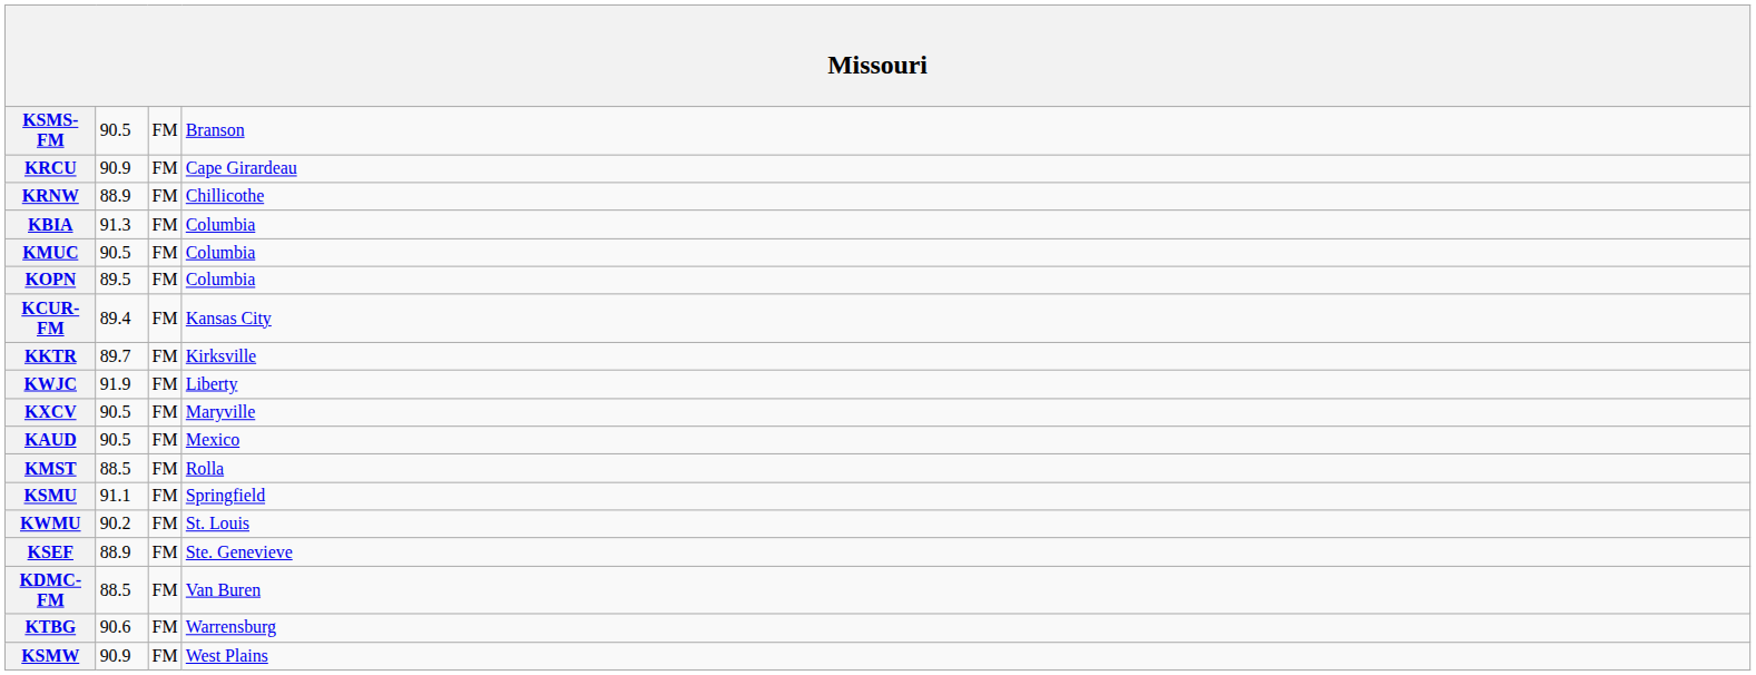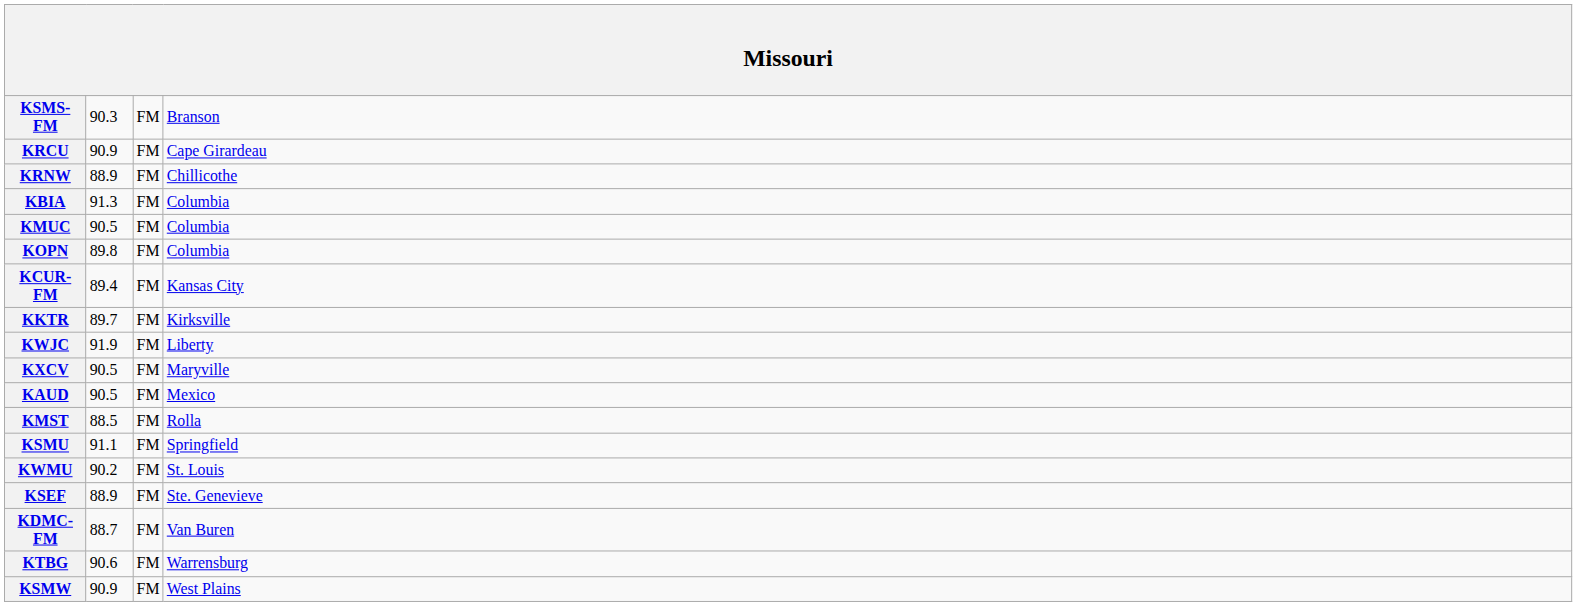 <table class="wikitable mw-collapsible" style="width:100%">
 <tr>
 <th scope="col" colspan="4"><br><h2>Missouri</h2></th>
 </tr>
 <tr>
 <th scope="row" style="width: 75px;"><a href='#'>KSMS-FM</a></th>
-<td style="width: 40px;">90.5</td>
+<td style="width: 40px;">90.3</td>
 <td style="width: 21px;">FM</td>
 <td><a href='#'>Branson</a></td>
 </tr>
 <tr>
 <th scope="row"><a href='#'>KRCU</a></th>
 <td>90.9</td>
 <td>FM</td>
 <td><a href='#'>Cape Girardeau</a></td>
 </tr>
 <tr>
 <th scope="row"><a href='#'>KRNW</a></th>
 <td>88.9</td>
 <td>FM</td>
 <td><a href='#'>Chillicothe</a></td>
 </tr>
 <tr>
 <th scope="row"><a href='#'>KBIA</a></th>
 <td>91.3</td>
 <td>FM</td>
 <td><a href='#'>Columbia</a></td>
 </tr>
 <tr>
 <th scope="row"><a href='#'>KMUC</a></th>
 <td>90.5</td>
 <td>FM</td>
 <td><a href='#'>Columbia</a></td>
 </tr>
 <tr>
 <th scope="row"><a href='#'>KOPN</a></th>
-<td>89.5</td>
+<td>89.8</td>
 <td>FM</td>
 <td><a href='#'>Columbia</a></td>
 </tr>
 <tr>
 <th scope="row"><a href='#'>KCUR-FM</a></th>
 <td>89.4</td>
 <td>FM</td>
 <td><a href='#'>Kansas City</a></td>
 </tr>
 <tr>
 <th scope="row"><a href='#'>KKTR</a></th>
 <td>89.7</td>
 <td>FM</td>
 <td><a href='#'>Kirksville</a></td>
 </tr>
 <tr>
 <th scope="row"><a href='#'>KWJC</a></th>
 <td>91.9</td>
 <td>FM</td>
 <td><a href='#'>Liberty</a></td>
 </tr>
 <tr>
 <th scope="row"><a href='#'>KXCV</a></th>
 <td>90.5</td>
 <td>FM</td>
 <td><a href='#'>Maryville</a></td>
 </tr>
 <tr>
 <th scope="row"><a href='#'>KAUD</a></th>
 <td>90.5</td>
 <td>FM</td>
 <td><a href='#'>Mexico</a></td>
 </tr>
 <tr>
 <th scope="row"><a href='#'>KMST</a></th>
 <td>88.5</td>
 <td>FM</td>
 <td><a href='#'>Rolla</a></td>
 </tr>
 <tr>
 <th scope="row"><a href='#'>KSMU</a></th>
 <td>91.1</td>
 <td>FM</td>
 <td><a href='#'>Springfield</a></td>
 </tr>
 <tr>
 <th scope="row"><a href='#'>KWMU</a></th>
 <td>90.2</td>
 <td>FM</td>
 <td><a href='#'>St. Louis</a></td>
 </tr>
 <tr>
 <th scope="row"><a href='#'>KSEF</a></th>
 <td>88.9</td>
 <td>FM</td>
 <td><a href='#'>Ste. Genevieve</a></td>
 </tr>
 <tr>
 <th scope="row"><a href='#'>KDMC-FM</a></th>
-<td>88.5</td>
+<td>88.7</td>
 <td>FM</td>
 <td><a href='#'>Van Buren</a></td>
 </tr>
 <tr>
 <th scope="row"><a href='#'>KTBG</a></th>
 <td>90.6</td>
 <td>FM</td>
 <td><a href='#'>Warrensburg</a></td>
 </tr>
 <tr>
 <th scope="row"><a href='#'>KSMW</a></th>
 <td>90.9</td>
 <td>FM</td>
 <td><a href='#'>West Plains</a></td>
 </tr>
 </table>
